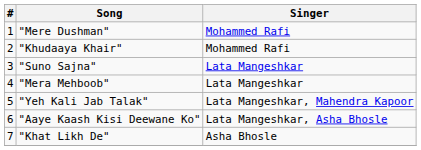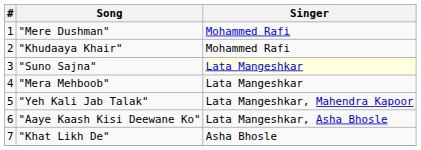 <table class="wikitable">
 <tr>
 <th>#</th>
 <th>Song</th>
 <th>Singer</th>
 </tr>
 <tr>
 <td>1</td>
 <td>"Mere Dushman"</td>
 <td><a href='#'>Mohammed Rafi</a></td>
 </tr>
 <tr>
 <td>2</td>
 <td>"Khudaaya Khair"</td>
 <td>Mohammed Rafi</td>
 </tr>
 <tr>
 <td>3</td>
 <td>"Suno Sajna"</td>
-<td><a href='#'>Lata Mangeshkar</a></td>
+<td style="background: lightyellow;"><a href='#'>Lata Mangeshkar</a></td>
 </tr>
 <tr>
 <td>4</td>
 <td>"Mera Mehboob"</td>
 <td>Lata Mangeshkar</td>
 </tr>
 <tr>
 <td>5</td>
 <td>"Yeh Kali Jab Talak"</td>
 <td>Lata Mangeshkar, <a href='#'>Mahendra Kapoor</a></td>
 </tr>
 <tr>
 <td>6</td>
 <td>"Aaye Kaash Kisi Deewane Ko"</td>
 <td>Lata Mangeshkar, <a href='#'>Asha Bhosle</a></td>
 </tr>
 <tr>
 <td>7</td>
 <td>"Khat Likh De"</td>
 <td>Asha Bhosle</td>
 </tr>
 <tr>
 </tr>
 </table>
